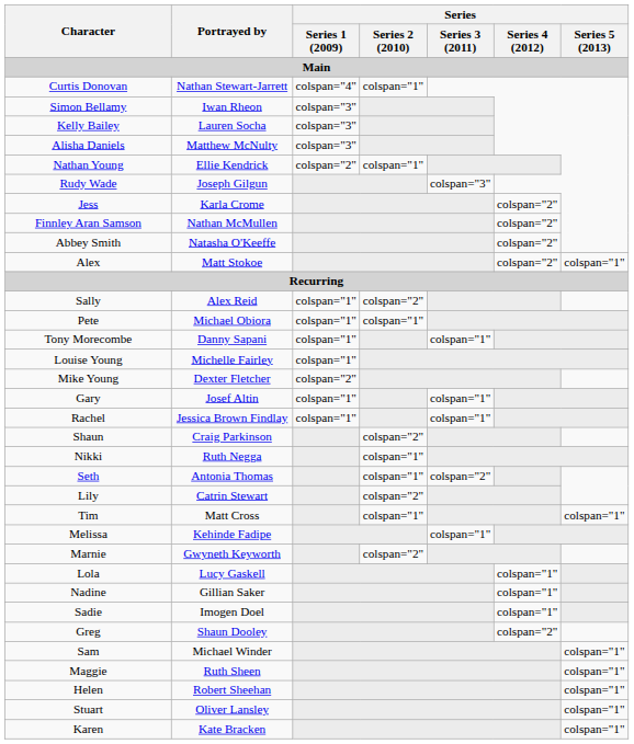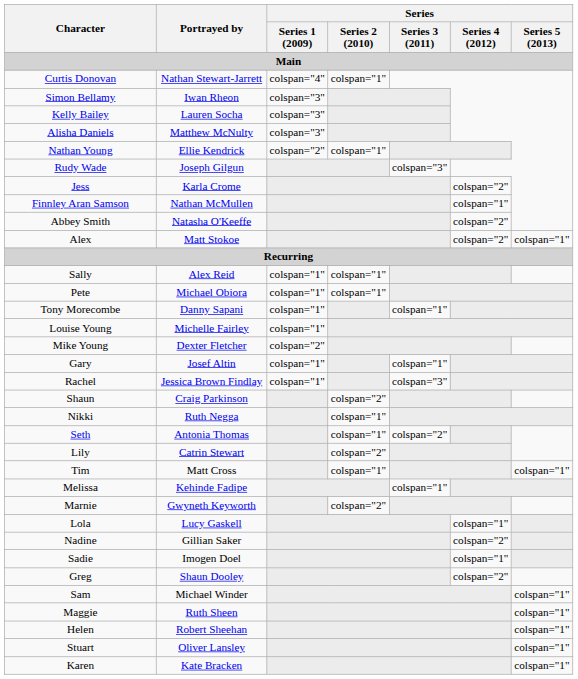 <table class="wikitable" style="text-align:center;">
 <tr>
 <th rowspan="2" style="width:210px;">Character</th>
 <th style="width:150px;" rowspan="2">Portrayed by</th>
 <th colspan="5">Series</th>
 </tr>
 <tr>
 <th style="width:80px;">Series 1<br>(2009)</th>
 <th style="width:80px;">Series 2<br>(2010)</th>
 <th style="width:80px;">Series 3<br>(2011)</th>
 <th style="width:80px;">Series 4<br>(2012)</th>
 <th style="width:80px;">Series 5<br>(2013)</th>
 </tr>
 <tr>
 <th colspan="7" style="background:lightgrey;"><strong>Main</strong></th>
 </tr>
 <tr>
 <td><a href='#'>Curtis Donovan</a></td>
 <td><a href='#'>Nathan Stewart-Jarrett</a></td>
 <td>colspan="4" </td>
 <td>colspan="1" </td>
 </tr>
 <tr>
 <td><a href='#'>Simon Bellamy</a></td>
 <td><a href='#'>Iwan Rheon</a></td>
 <td>colspan="3" </td>
 <td colspan="2" style="background:#ececec;"></td>
 </tr>
 <tr>
 <td><a href='#'>Kelly Bailey</a></td>
 <td><a href='#'>Lauren Socha</a></td>
 <td>colspan="3" </td>
 <td colspan="2" style="background:#ececec;"></td>
 </tr>
 <tr>
 <td><a href='#'>Alisha Daniels</a></td>
 <td><a href='#'>Matthew McNulty</a></td>
 <td>colspan="3" </td>
 <td colspan="2" style="background:#ececec;"></td>
 </tr>
 <tr>
 <td><a href='#'>Nathan Young</a></td>
 <td><a href='#'>Ellie Kendrick</a></td>
 <td>colspan="2" </td>
 <td>colspan="1" </td>
 <td colspan="2" style="background:#ececec;"></td>
 </tr>
 <tr>
 <td><a href='#'>Rudy Wade</a></td>
 <td><a href='#'>Joseph Gilgun</a></td>
 <td colspan="2" style="background:#ececec;"></td>
 <td>colspan="3" </td>
 </tr>
 <tr>
 <td><a href='#'>Jess</a></td>
 <td><a href='#'>Karla Crome</a></td>
 <td colspan="3" style="background:#ececec;"></td>
 <td>colspan="2" </td>
 </tr>
 <tr>
 <td><a href='#'>Finnley Aran Samson</a></td>
 <td><a href='#'>Nathan McMullen</a></td>
 <td colspan="3" style="background:#ececec;"></td>
-<td>colspan="2" </td>
+<td>colspan="1" </td>
 </tr>
 <tr>
 <td>Abbey Smith</td>
 <td><a href='#'>Natasha O'Keeffe</a></td>
 <td colspan="3" style="background:#ececec;"></td>
 <td>colspan="2" </td>
 </tr>
 <tr>
 <td>Alex</td>
 <td><a href='#'>Matt Stokoe</a></td>
 <td colspan="3" style="background:#ececec;"></td>
 <td>colspan="2" </td>
 <td>colspan="1" </td>
 </tr>
 <tr>
 <th colspan="7" style="background:lightgrey;"><strong>Recurring</strong></th>
 </tr>
 <tr>
 <td>Sally</td>
 <td><a href='#'>Alex Reid</a></td>
 <td>colspan="1" </td>
-<td>colspan="2" </td>
+<td>colspan="1" </td>
 <td colspan="2" style="background:#ececec;"></td>
 </tr>
 <tr>
 <td>Pete</td>
 <td><a href='#'>Michael Obiora</a></td>
 <td>colspan="1" </td>
 <td>colspan="1" </td>
 <td colspan="3" style="background:#ececec;"></td>
 </tr>
 <tr>
 <td>Tony Morecombe</td>
 <td><a href='#'>Danny Sapani</a></td>
 <td>colspan="1" </td>
 <td colspan="1" style="background:#ececec;"></td>
 <td>colspan="1" </td>
 <td colspan="2" style="background:#ececec;"></td>
 </tr>
 <tr>
 <td>Louise Young</td>
 <td><a href='#'>Michelle Fairley</a></td>
 <td>colspan="1" </td>
 <td colspan="4" style="background:#ececec;"></td>
 </tr>
 <tr>
 <td>Mike Young</td>
 <td><a href='#'>Dexter Fletcher</a></td>
 <td>colspan="2" </td>
 <td colspan="3" style="background:#ececec;"></td>
 </tr>
 <tr>
 <td>Gary</td>
 <td><a href='#'>Josef Altin</a></td>
 <td>colspan="1" </td>
 <td colspan="1" style="background:#ececec;"></td>
 <td>colspan="1" </td>
 <td colspan="2" style="background:#ececec;"></td>
 </tr>
 <tr>
 <td>Rachel</td>
 <td><a href='#'>Jessica Brown Findlay</a></td>
 <td>colspan="1" </td>
 <td colspan="1" style="background:#ececec;"></td>
-<td>colspan="1" </td>
+<td>colspan="3" </td>
 <td colspan="2" style="background:#ececec;"></td>
 </tr>
 <tr>
 <td>Shaun</td>
 <td><a href='#'>Craig Parkinson</a></td>
 <td colspan="1" style="background:#ececec;"></td>
 <td>colspan="2" </td>
 <td colspan="2" style="background:#ececec;"></td>
 </tr>
 <tr>
 <td>Nikki</td>
 <td><a href='#'>Ruth Negga</a></td>
 <td colspan="1" style="background:#ececec;"></td>
 <td>colspan="1" </td>
 <td colspan="3" style="background:#ececec;"></td>
 </tr>
 <tr>
 <td><a href='#'>Seth</a></td>
 <td><a href='#'>Antonia Thomas</a></td>
 <td style="background:#ececec;"></td>
 <td>colspan="1" </td>
 <td>colspan="2" </td>
 <td style="background:#ececec;"></td>
 </tr>
 <tr>
 <td>Lily</td>
 <td><a href='#'>Catrin Stewart</a></td>
 <td colspan="1" style="background:#ececec;"></td>
 <td>colspan="2" </td>
 <td colspan="2" style="background:#ececec;"></td>
 </tr>
 <tr>
 <td>Tim</td>
 <td>Matt Cross</td>
 <td colspan="1" style="background:#ececec;"></td>
 <td>colspan="1" </td>
 <td colspan="2" style="background:#ececec;"></td>
 <td>colspan="1" </td>
 </tr>
 <tr>
 <td>Melissa</td>
 <td><a href='#'>Kehinde Fadipe</a></td>
 <td colspan="2" style="background:#ececec;"></td>
 <td>colspan="1" </td>
 <td colspan="2" style="background:#ececec;"></td>
 </tr>
 <tr>
 <td>Marnie</td>
 <td><a href='#'>Gwyneth Keyworth</a></td>
 <td colspan="1" style="background:#ececec;"></td>
 <td>colspan="2" </td>
 <td colspan="2" style="background:#ececec;"></td>
 </tr>
 <tr>
 <td>Lola</td>
 <td><a href='#'>Lucy Gaskell</a></td>
 <td colspan="3" style="background:#ececec;"></td>
 <td>colspan="1" </td>
 <td colspan="1" style="background:#ececec;"></td>
 </tr>
 <tr>
 <td>Nadine</td>
 <td>Gillian Saker</td>
 <td colspan="3" style="background:#ececec;"></td>
-<td>colspan="1" </td>
+<td>colspan="2" </td>
 <td colspan="1" style="background:#ececec;"></td>
 </tr>
 <tr>
 <td>Sadie</td>
 <td>Imogen Doel</td>
 <td colspan="3" style="background:#ececec;"></td>
 <td>colspan="1" </td>
 <td colspan="1" style="background:#ececec;"></td>
 </tr>
 <tr>
 <td>Greg</td>
 <td><a href='#'>Shaun Dooley</a></td>
 <td colspan="3" style="background:#ececec;"></td>
 <td>colspan="2" </td>
 </tr>
 <tr>
 <td>Sam</td>
 <td>Michael Winder</td>
 <td colspan="4" style="background:#ececec;"></td>
 <td>colspan="1" </td>
 </tr>
 <tr>
 <td>Maggie</td>
 <td><a href='#'>Ruth Sheen</a></td>
 <td colspan="4" style="background:#ececec;"></td>
 <td>colspan="1" </td>
 </tr>
 <tr>
 <td>Helen</td>
 <td><a href='#'>Robert Sheehan</a></td>
 <td colspan="4" style="background:#ececec;"></td>
 <td>colspan="1" </td>
 </tr>
 <tr>
 <td>Stuart</td>
 <td><a href='#'>Oliver Lansley</a></td>
 <td colspan="4" style="background:#ececec;"></td>
 <td>colspan="1" </td>
 </tr>
 <tr>
 <td>Karen</td>
 <td><a href='#'>Kate Bracken</a></td>
 <td colspan="4" style="background:#ececec;"></td>
 <td>colspan="1" </td>
 </tr>
 </table>
